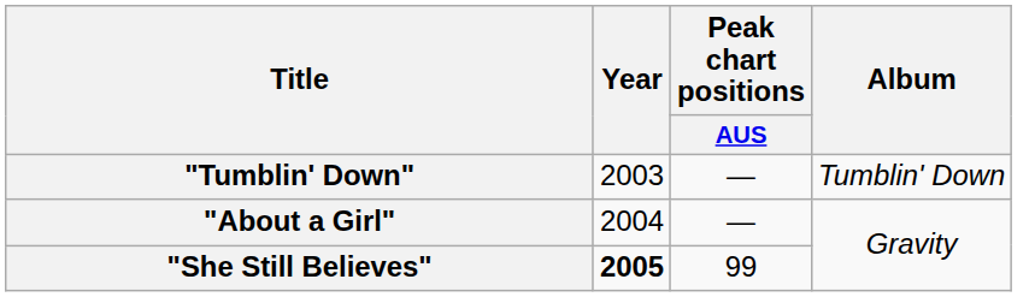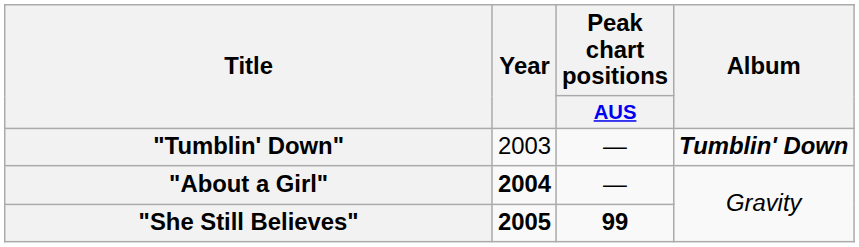 <table class="wikitable plainrowheaders" style="text-align:center;">
 <tr>
 <th scope="col" rowspan="2" style="width:20em;">Title</th>
 <th scope="col" rowspan="2" style="width:1em;">Year</th>
 <th scope="col" colspan="1">Peak chart positions</th>
 <th scope="col" rowspan="2">Album</th>
 </tr>
 <tr>
 <th scope="col" style="width:3em;font-size:85%;"><a href='#'>AUS</a><br></th>
 </tr>
 <tr>
 <th scope="row">"Tumblin' Down"</th>
 <td>2003</td>
 <td>—</td>
-<td><em>Tumblin' Down</em></td>
+<td><strong><em>Tumblin' Down</em></strong></td>
 </tr>
 <tr>
 <th scope="row">"About a Girl"</th>
-<td>2004</td>
+<td><strong>2004</strong></td>
 <td>—</td>
 <td rowspan="2"><em>Gravity</em></td>
 </tr>
 <tr>
 <th scope="row">"She Still Believes"</th>
 <td><strong>2005</strong></td>
-<td>99</td>
+<td><strong>99</strong></td>
 </tr>
 </table>
